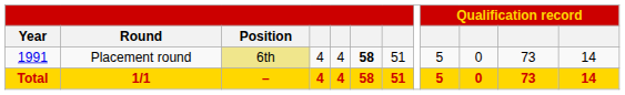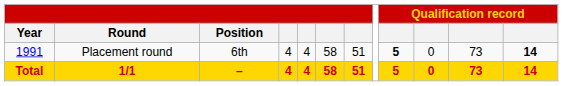 <table class="wikitable" style="text-align: center;">
 <tr>
 <th style="background:#CC0000;" colspan="7"><a href='#'></a></th>
 <th style="background:white; width:1%;" rowspan="9"></th>
 <th style="background:#CC0000; color:#FFD700;" colspan="5">Qualification record</th>
 </tr>
 <tr>
 <th>Year</th>
 <th>Round</th>
 <th>Position</th>
 <th></th>
 <th></th>
 <th></th>
 <th></th>
 <th></th>
 <th></th>
 <th></th>
 <th></th>
 </tr>
 <tr>
 <td> <a href='#'>1991</a></td>
 <td>Placement round</td>
-<td style="background: khaki;">6th</td>
+<td>6th</td>
 <td>4</td>
 <td>4</td>
-<td><strong>58</strong></td>
+<td>58</td>
 <td>51</td>
-<td>5</td>
+<td><strong>5</strong></td>
 <td>0</td>
 <td>73</td>
-<td>14</td>
+<td><strong>14</strong></td>
 </tr>
 <tr>
 <th style="color:#CC0000; background:#FFD700;">Total</th>
 <th style="color:#CC0000; background:#FFD700;">1/1</th>
 <th style="color:#CC0000; background:#FFD700;">–</th>
 <th style="color:#CC0000; background:#FFD700;">4</th>
 <th style="color:#CC0000; background:#FFD700;">4</th>
 <th style="color:#CC0000; background:#FFD700;">58</th>
 <th style="color:#CC0000; background:#FFD700;">51</th>
 <th style="color:#CC0000; background:#FFD700;">5</th>
 <th style="color:#CC0000; background:#FFD700;">0</th>
 <th style="color:#CC0000; background:#FFD700;">73</th>
 <th style="color:#CC0000; background:#FFD700;">14</th>
 </tr>
 </table>
